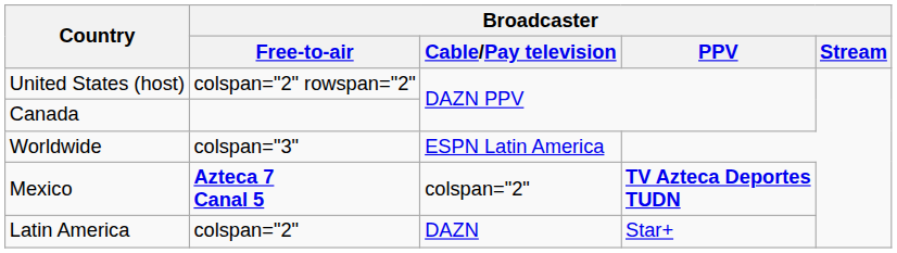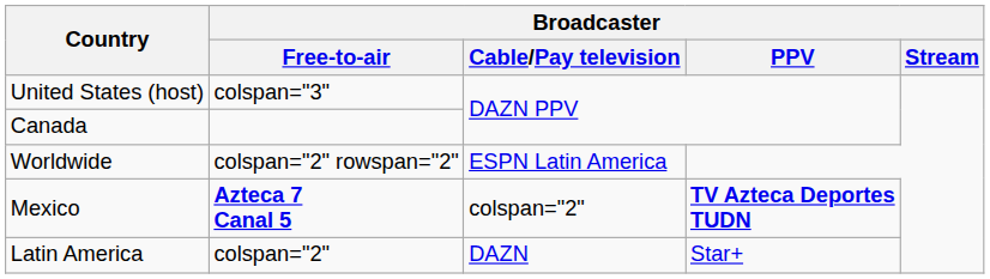 <table class="wikitable">
 <tr>
 <th rowspan="2">Country</th>
 <th colspan="4">Broadcaster</th>
 </tr>
 <tr>
 <th><a href='#'>Free-to-air</a></th>
 <th><a href='#'>Cable</a><strong>/</strong><a href='#'>Pay television</a></th>
 <th><a href='#'>PPV</a></th>
 <th><a href='#'>Stream</a></th>
 </tr>
 <tr>
 <td>United States (host)</td>
-<td>colspan="2" rowspan="2" </td>
+<td>colspan="3" </td>
 <td colspan="2" rowspan="2"><a href='#'>DAZN PPV</a></td>
 </tr>
 <tr>
 <td>Canada</td>
 </tr>
 <tr>
 <td>Worldwide</td>
-<td>colspan="3" </td>
+<td>colspan="2" rowspan="2" </td>
 <td><a href='#'>ESPN Latin America</a></td>
 </tr>
 <tr>
 <td>Mexico</td>
 <td><strong><a href='#'>Azteca 7</a></strong><br><strong><a href='#'>Canal 5</a></strong></td>
 <td>colspan="2" </td>
 <td><strong><a href='#'>TV Azteca Deportes</a></strong><br><strong><a href='#'>TUDN</a></strong></td>
 </tr>
 <tr>
 <td>Latin America</td>
 <td>colspan="2" </td>
 <td><a href='#'>DAZN</a></td>
 <td><a href='#'>Star+</a></td>
 </tr>
 </table>
